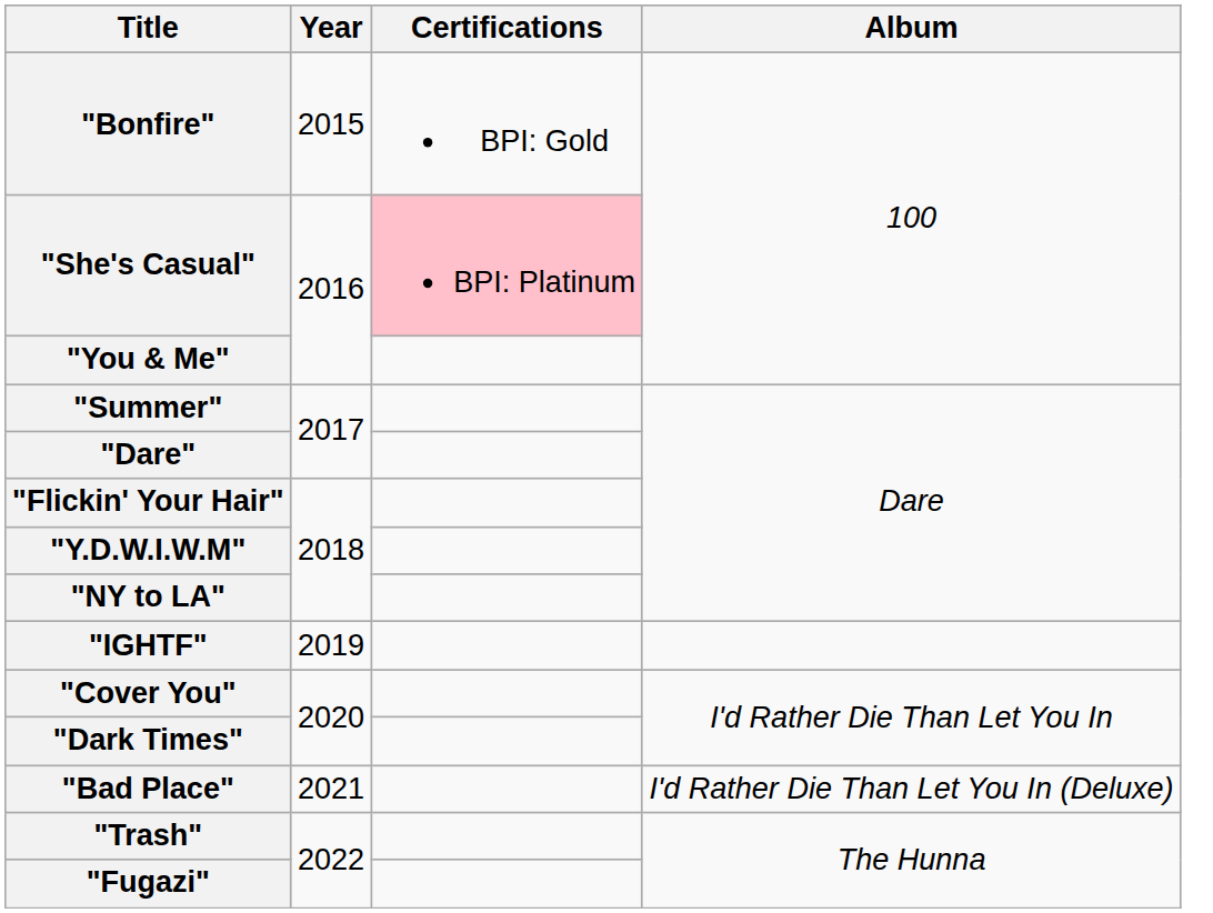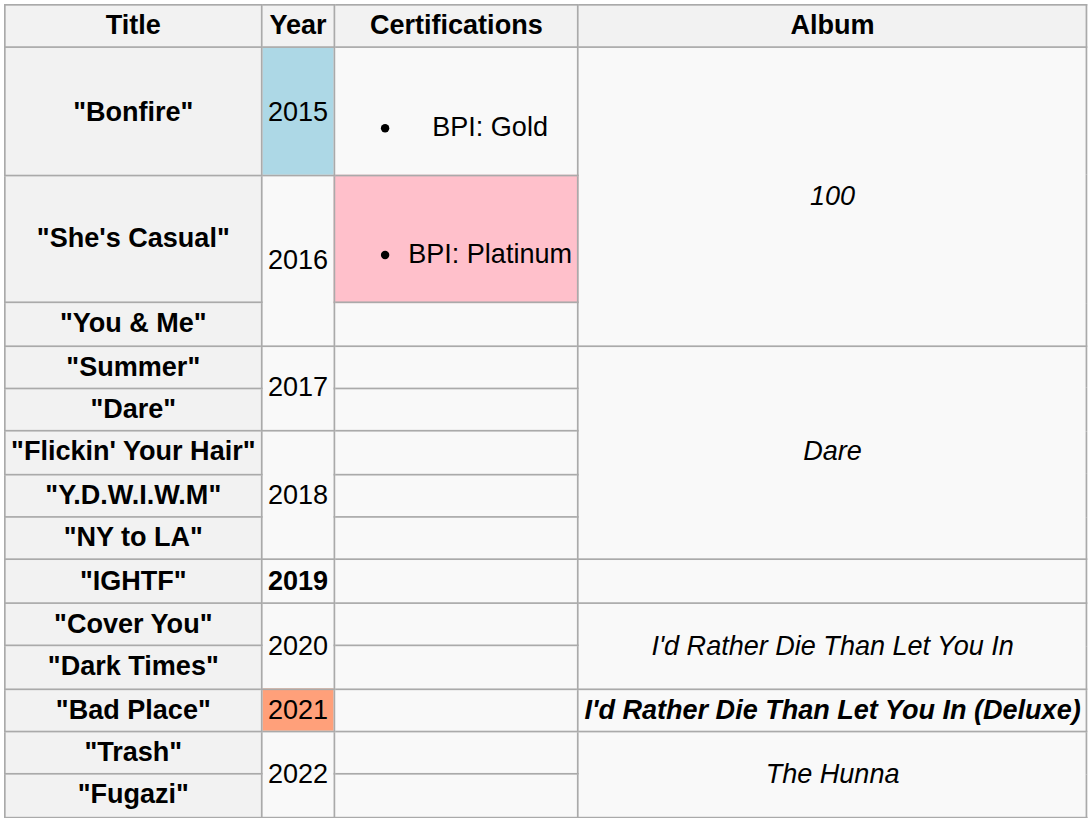 <table class="wikitable plainrowheaders" style="text-align:center;">
 <tr>
 <th scope="col">Title</th>
 <th scope="col">Year</th>
 <th scope="col">Certifications</th>
 <th scope="col">Album</th>
 </tr>
 <tr>
 <th scope="row">"Bonfire"</th>
-<td>2015</td>
+<td style="background: lightblue;">2015</td>
 <td><br><ul><li>BPI: Gold</li></ul></td>
 <td rowspan="3"><em>100</em></td>
 </tr>
 <tr>
 <th scope="row">"She's Casual"</th>
 <td rowspan="2">2016</td>
 <td style="background: pink;"><br><ul><li>BPI: Platinum</li></ul></td>
 </tr>
 <tr>
 <th scope="row">"You & Me"</th>
 <td></td>
 </tr>
 <tr>
 <th scope="row">"Summer"</th>
 <td rowspan="2">2017</td>
 <td></td>
 <td rowspan="5"><em>Dare</em></td>
 </tr>
 <tr>
 <th scope="row">"Dare"</th>
 <td></td>
 </tr>
 <tr>
 <th scope="row">"Flickin' Your Hair"</th>
 <td rowspan="3">2018</td>
 <td></td>
 </tr>
 <tr>
 <th scope="row">"Y.D.W.I.W.M"</th>
 <td></td>
 </tr>
 <tr>
 <th scope="row">"NY to LA"</th>
 <td></td>
 </tr>
 <tr>
 <th scope="row">"IGHTF"</th>
-<td>2019</td>
+<td><strong>2019</strong></td>
 <td></td>
 <td></td>
 </tr>
 <tr>
 <th scope="row">"Cover You"<br></th>
 <td rowspan="2">2020</td>
 <td></td>
 <td rowspan="2"><em>I'd Rather Die Than Let You In</em></td>
 </tr>
 <tr>
 <th scope="row">"Dark Times" </th>
 <td></td>
 </tr>
 <tr>
 <th scope="row">"Bad Place"</th>
-<td>2021</td>
+<td style="background: lightsalmon;">2021</td>
 <td></td>
-<td><em>I'd Rather Die Than Let You In (Deluxe)</em></td>
+<td><strong><em>I'd Rather Die Than Let You In (Deluxe)</em></strong></td>
 </tr>
 <tr>
 <th scope="row">"Trash"</th>
 <td rowspan="2">2022</td>
 <td></td>
 <td rowspan="2"><em>The Hunna</em></td>
 </tr>
 <tr>
 <th scope="row">"Fugazi"</th>
 <td></td>
 </tr>
 <tr>
 </tr>
 </table>
